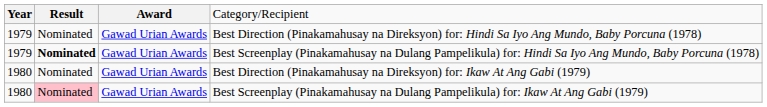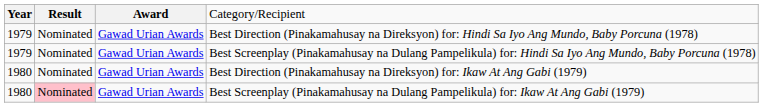 <table class="wikitable">
 <tr>
 <th>Year</th>
 <th>Result</th>
 <th>Award</th>
 <td>Category/Recipient</td>
 </tr>
 <tr>
 <td>1979</td>
 <td>Nominated</td>
 <td><a href='#'>Gawad Urian Awards</a></td>
 <td>Best Direction (Pinakamahusay na Direksyon) for: <em>Hindi Sa Iyo Ang Mundo, Baby Porcuna</em> (1978)</td>
 </tr>
 <tr>
 <td>1979</td>
-<td><strong>Nominated</strong></td>
+<td>Nominated</td>
 <td><a href='#'>Gawad Urian Awards</a></td>
 <td>Best Screenplay (Pinakamahusay na Dulang Pampelikula) for: <em>Hindi Sa Iyo Ang Mundo, Baby Porcuna</em> (1978)</td>
 </tr>
 <tr>
 <td>1980</td>
 <td>Nominated</td>
 <td><a href='#'>Gawad Urian Awards</a></td>
 <td>Best Direction (Pinakamahusay na Direksyon) for: <em>Ikaw At Ang Gabi</em> (1979)</td>
 </tr>
 <tr>
 <td>1980</td>
 <td style="background: pink;">Nominated</td>
 <td><a href='#'>Gawad Urian Awards</a></td>
 <td>Best Screenplay (Pinakamahusay na Dulang Pampelikula) for: <em>Ikaw At Ang Gabi</em> (1979)</td>
 </tr>
 </table>
